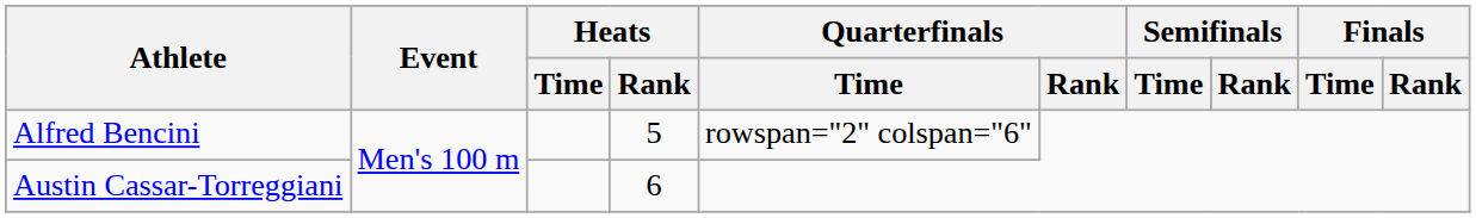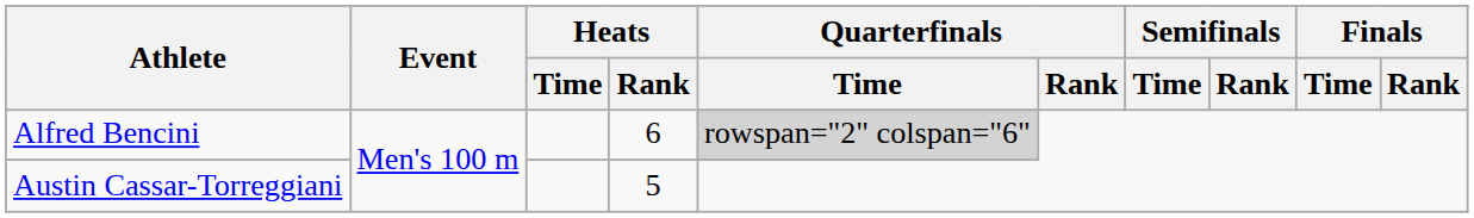 <table class="wikitable" border="1" style="font-size:90%">
 <tr>
 <th rowspan="2">Athlete</th>
 <th rowspan="2">Event</th>
 <th colspan="2">Heats</th>
 <th colspan="2">Quarterfinals</th>
 <th colspan="2">Semifinals</th>
 <th colspan="2">Finals</th>
 </tr>
 <tr>
 <th>Time</th>
 <th>Rank</th>
 <th>Time</th>
 <th>Rank</th>
 <th>Time</th>
 <th>Rank</th>
 <th>Time</th>
 <th>Rank</th>
 </tr>
 <tr align=center>
 <td align=left><a href='#'>Alfred Bencini</a></td>
 <td rowspan="2"><a href='#'>Men's 100 m</a></td>
 <td align=center></td>
-<td align=center>5</td>
-<td>rowspan="2" colspan="6" </td>
+<td align=center>6</td>
+<td style="background: lightgrey;">rowspan="2" colspan="6" </td>
 </tr>
 <tr align=center>
 <td align=left><a href='#'>Austin Cassar-Torreggiani</a></td>
 <td align=center></td>
-<td align=center>6</td>
+<td align=center>5</td>
 </tr>
 </table>
